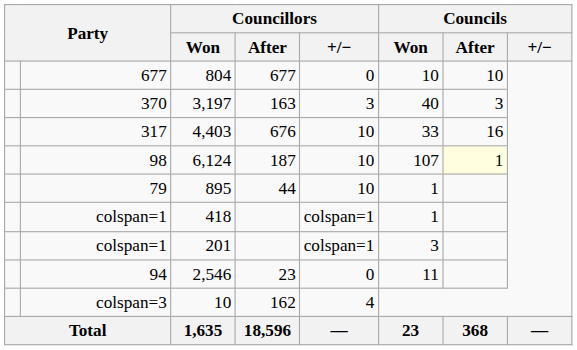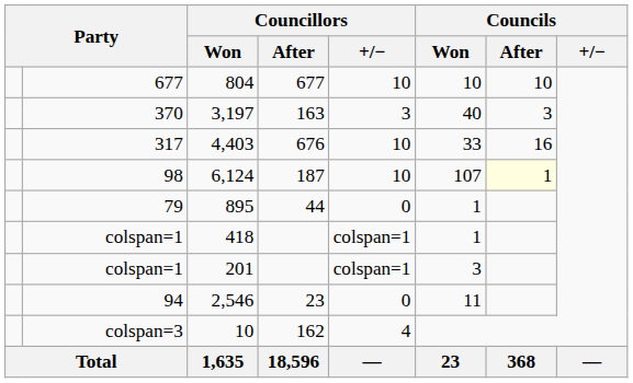 <table id="results" class="wikitable sortable" style="text-align:right; font-size:95%;">
 <tr>
 <th colspan="2" rowspan="2" style="width:140px;">Party</th>
 <th colspan="3">Councillors</th>
 <th colspan="4">Councils</th>
 </tr>
 <tr>
 <th style="width:50px;">Won</th>
 <th style="width:50px;">After</th>
 <th style="width:50px;">+/−</th>
 <th style="width:50px;">Won</th>
 <th style="width:50px;">After</th>
 <th style="width:50px;">+/−</th>
 </tr>
 <tr>
 <td></td>
 <td>677</td>
 <td>804</td>
 <td> 677</td>
-<td>0</td>
+<td>10</td>
 <td>10</td>
 <td> 10</td>
 </tr>
 <tr>
 <td></td>
 <td>370</td>
 <td>3,197</td>
 <td> 163</td>
 <td>3</td>
 <td>40</td>
 <td> 3</td>
 </tr>
 <tr>
 <td></td>
 <td>317</td>
 <td>4,403</td>
 <td> 676</td>
 <td>10</td>
 <td>33</td>
 <td> 16</td>
 </tr>
 <tr>
 <td></td>
 <td>98</td>
 <td>6,124</td>
 <td> 187</td>
 <td>10</td>
 <td>107</td>
 <td style="background: lightyellow;"> 1</td>
 </tr>
 <tr>
 <td></td>
 <td>79</td>
 <td>895</td>
 <td> 44</td>
-<td>10</td>
+<td>0</td>
 <td>1</td>
 <td></td>
 </tr>
 <tr>
 <td></td>
 <td>colspan=1 </td>
 <td>418</td>
 <td></td>
 <td>colspan=1 </td>
 <td>1</td>
 <td></td>
 </tr>
 <tr>
 <td></td>
 <td>colspan=1 </td>
 <td>201</td>
 <td></td>
 <td>colspan=1 </td>
 <td>3</td>
 <td></td>
 </tr>
 <tr>
 <td></td>
 <td>94</td>
 <td>2,546</td>
 <td> 23</td>
 <td>0</td>
 <td>11</td>
 <td></td>
 </tr>
 <tr>
 <td></td>
 <td>colspan=3 </td>
 <td>10</td>
 <td>162</td>
 <td> 4</td>
 </tr>
 <tr>
 <th colspan="2" style="background:#f2f2f2 ">Total</th>
 <th style="background:#f2f2f2;"><strong>1,635</strong></th>
 <th style="background:#f2f2f2;"><strong>18,596</strong></th>
 <th style="background:#f2f2f2;"><strong>—</strong></th>
 <th style="background:#f2f2f2;"><strong>23</strong></th>
 <th style="background:#f2f2f2;"><strong>368</strong></th>
 <th style="background:#f2f2f2;"><strong>—</strong></th>
 </tr>
 </table>
